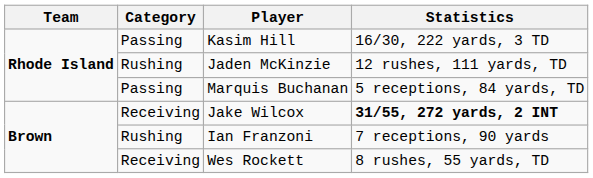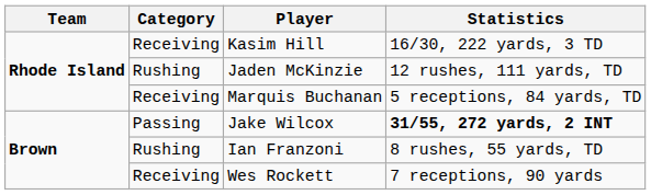 <table class="wikitable" style="float: left;">
 <tr>
 <th>Team</th>
 <th>Category</th>
 <th>Player</th>
 <th>Statistics</th>
 </tr>
 <tr>
 <td rowspan=3><strong>Rhode Island</strong></td>
-<td>Passing</td>
+<td>Receiving</td>
 <td>Kasim Hill</td>
 <td>16/30, 222 yards, 3 TD</td>
 </tr>
 <tr>
 <td>Rushing</td>
 <td>Jaden McKinzie</td>
 <td>12 rushes, 111 yards, TD</td>
 </tr>
 <tr>
-<td>Passing</td>
+<td>Receiving</td>
 <td>Marquis Buchanan</td>
 <td>5 receptions, 84 yards, TD</td>
 </tr>
 <tr>
 <td rowspan=3><strong>Brown</strong></td>
-<td>Receiving</td>
+<td>Passing</td>
 <td>Jake Wilcox</td>
 <td><strong>31/55, 272 yards, 2 INT</strong></td>
 </tr>
 <tr>
 <td>Rushing</td>
 <td>Ian Franzoni</td>
-<td>7 receptions, 90 yards</td>
+<td>8 rushes, 55 yards, TD</td>
 </tr>
 <tr>
 <td>Receiving</td>
 <td>Wes Rockett</td>
-<td>8 rushes, 55 yards, TD</td>
+<td>7 receptions, 90 yards</td>
 </tr>
 </table>
